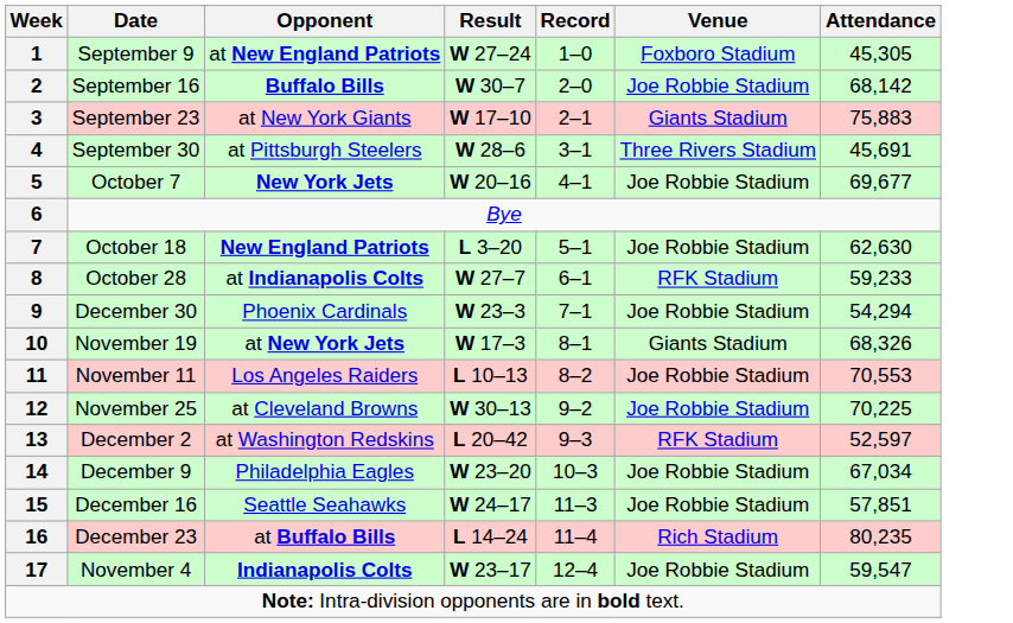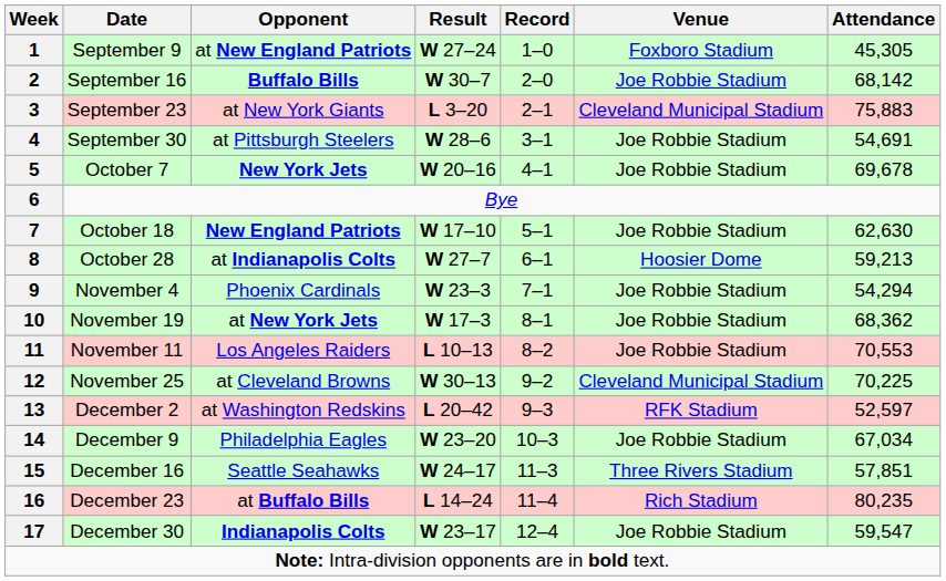 <table class="wikitable" style="text-align:center">
 <tr>
 <th>Week</th>
 <th>Date</th>
 <th>Opponent</th>
 <th>Result</th>
 <th>Record</th>
 <th>Venue</th>
 <th>Attendance</th>
 </tr>
 <tr style="background:#cfc">
 <th>1</th>
 <td>September 9</td>
 <td>at <strong><a href='#'>New England Patriots</a></strong></td>
 <td><strong>W</strong> 27–24</td>
 <td>1–0</td>
 <td><a href='#'>Foxboro Stadium</a></td>
 <td>45,305</td>
 </tr>
 <tr style="background:#cfc">
 <th>2</th>
 <td>September 16</td>
 <td><strong><a href='#'>Buffalo Bills</a></strong></td>
 <td><strong>W</strong> 30–7</td>
 <td>2–0</td>
 <td><a href='#'>Joe Robbie Stadium</a></td>
 <td>68,142</td>
 </tr>
 <tr style="background:#fcc">
 <th>3</th>
 <td>September 23</td>
 <td>at <a href='#'>New York Giants</a></td>
-<td><strong>W</strong> 17–10</td>
+<td><strong>L</strong> 3–20</td>
 <td>2–1</td>
-<td><a href='#'>Giants Stadium</a></td>
+<td><a href='#'>Cleveland Municipal Stadium</a></td>
 <td>75,883</td>
 </tr>
 <tr style="background:#cfc">
 <th>4</th>
 <td>September 30</td>
 <td>at <a href='#'>Pittsburgh Steelers</a></td>
 <td><strong>W</strong> 28–6</td>
 <td>3–1</td>
-<td><a href='#'>Three Rivers Stadium</a></td>
-<td>45,691</td>
+<td>Joe Robbie Stadium</td>
+<td>54,691</td>
 </tr>
 <tr style="background:#cfc">
 <th>5</th>
 <td>October 7</td>
 <td><strong><a href='#'>New York Jets</a></strong></td>
 <td><strong>W</strong> 20–16</td>
 <td>4–1</td>
 <td>Joe Robbie Stadium</td>
-<td>69,677</td>
+<td>69,678</td>
 </tr>
 <tr>
 <th>6</th>
 <td colspan="6"><em><a href='#'>Bye</a></em></td>
 </tr>
 <tr style="background:#cfc">
 <th>7</th>
 <td>October 18</td>
 <td><strong><a href='#'>New England Patriots</a></strong></td>
-<td><strong>L</strong> 3–20</td>
+<td><strong>W</strong> 17–10</td>
 <td>5–1</td>
 <td>Joe Robbie Stadium</td>
 <td>62,630</td>
 </tr>
 <tr style="background:#cfc">
 <th>8</th>
 <td>October 28</td>
 <td>at <strong><a href='#'>Indianapolis Colts</a></strong></td>
 <td><strong>W</strong> 27–7</td>
 <td>6–1</td>
-<td><a href='#'>RFK Stadium</a></td>
-<td>59,233</td>
+<td><a href='#'>Hoosier Dome</a></td>
+<td>59,213</td>
 </tr>
 <tr style="background:#cfc">
 <th>9</th>
-<td>December 30</td>
+<td>November 4</td>
 <td><a href='#'>Phoenix Cardinals</a></td>
 <td><strong>W</strong> 23–3</td>
 <td>7–1</td>
 <td>Joe Robbie Stadium</td>
 <td>54,294</td>
 </tr>
 <tr style="background:#cfc">
 <th>10</th>
 <td>November 19</td>
 <td>at <strong><a href='#'>New York Jets</a></strong></td>
 <td><strong>W</strong> 17–3</td>
 <td>8–1</td>
-<td>Giants Stadium</td>
-<td>68,326</td>
+<td>Joe Robbie Stadium</td>
+<td>68,362</td>
 </tr>
 <tr style="background:#fcc">
 <th>11</th>
 <td>November 11</td>
 <td><a href='#'>Los Angeles Raiders</a></td>
 <td><strong>L</strong> 10–13</td>
 <td>8–2</td>
 <td>Joe Robbie Stadium</td>
 <td>70,553</td>
 </tr>
 <tr style="background:#cfc">
 <th>12</th>
 <td>November 25</td>
 <td>at <a href='#'>Cleveland Browns</a></td>
 <td><strong>W</strong> 30–13</td>
 <td>9–2</td>
-<td><a href='#'>Joe Robbie Stadium</a></td>
+<td><a href='#'>Cleveland Municipal Stadium</a></td>
 <td>70,225</td>
 </tr>
 <tr style="background:#fcc">
 <th>13</th>
 <td>December 2</td>
 <td>at <a href='#'>Washington Redskins</a></td>
 <td><strong>L</strong> 20–42</td>
 <td>9–3</td>
 <td><a href='#'>RFK Stadium</a></td>
 <td>52,597</td>
 </tr>
 <tr style="background:#cfc">
 <th>14</th>
 <td>December 9</td>
 <td><a href='#'>Philadelphia Eagles</a></td>
 <td><strong>W</strong> 23–20 </td>
 <td>10–3</td>
 <td>Joe Robbie Stadium</td>
 <td>67,034</td>
 </tr>
 <tr style="background:#cfc">
 <th>15</th>
 <td>December 16</td>
 <td><a href='#'>Seattle Seahawks</a></td>
 <td><strong>W</strong> 24–17</td>
 <td>11–3</td>
-<td>Joe Robbie Stadium</td>
+<td><a href='#'>Three Rivers Stadium</a></td>
 <td>57,851</td>
 </tr>
 <tr style="background:#fcc">
 <th>16</th>
 <td>December 23</td>
 <td>at <strong><a href='#'>Buffalo Bills</a></strong></td>
 <td><strong>L</strong> 14–24</td>
 <td>11–4</td>
 <td><a href='#'>Rich Stadium</a></td>
 <td>80,235</td>
 </tr>
 <tr style="background:#cfc">
 <th>17</th>
-<td>November 4</td>
+<td>December 30</td>
 <td><strong><a href='#'>Indianapolis Colts</a></strong></td>
 <td><strong>W</strong> 23–17</td>
 <td>12–4</td>
 <td>Joe Robbie Stadium</td>
 <td>59,547</td>
 </tr>
 <tr>
 <td colspan="8"><strong>Note:</strong> Intra-division opponents are in <strong>bold</strong> text.</td>
 </tr>
 </table>
